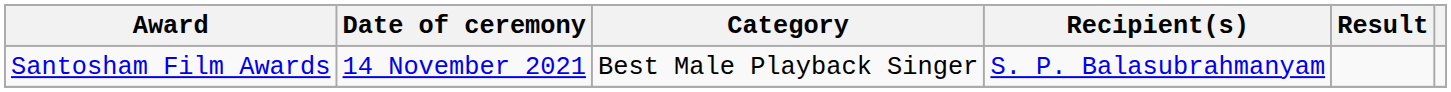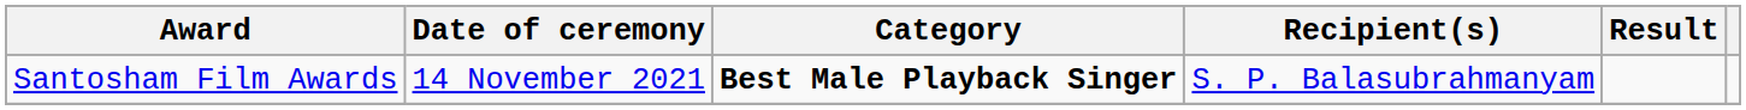 <table class="wikitable plainrowheaders sortable">
 <tr>
 <th scope="col">Award</th>
 <th scope="col">Date of ceremony</th>
 <th scope="col">Category</th>
 <th scope="col">Recipient(s)</th>
 <th scope="col">Result</th>
 <th scope="col" class="unsortable"></th>
 </tr>
 <tr>
 <td scope="row" rowspan="1"><a href='#'>Santosham Film Awards</a></td>
 <td rowspan="1"><a href='#'>14 November 2021</a></td>
-<td>Best Male Playback Singer</td>
+<td><strong>Best Male Playback Singer</strong></td>
 <td><a href='#'>S. P. Balasubrahmanyam</a></td>
 <td></td>
 <td style="text-align:center;" rowspan="1"></td>
 </tr>
 <tr>
 </tr>
 </table>
